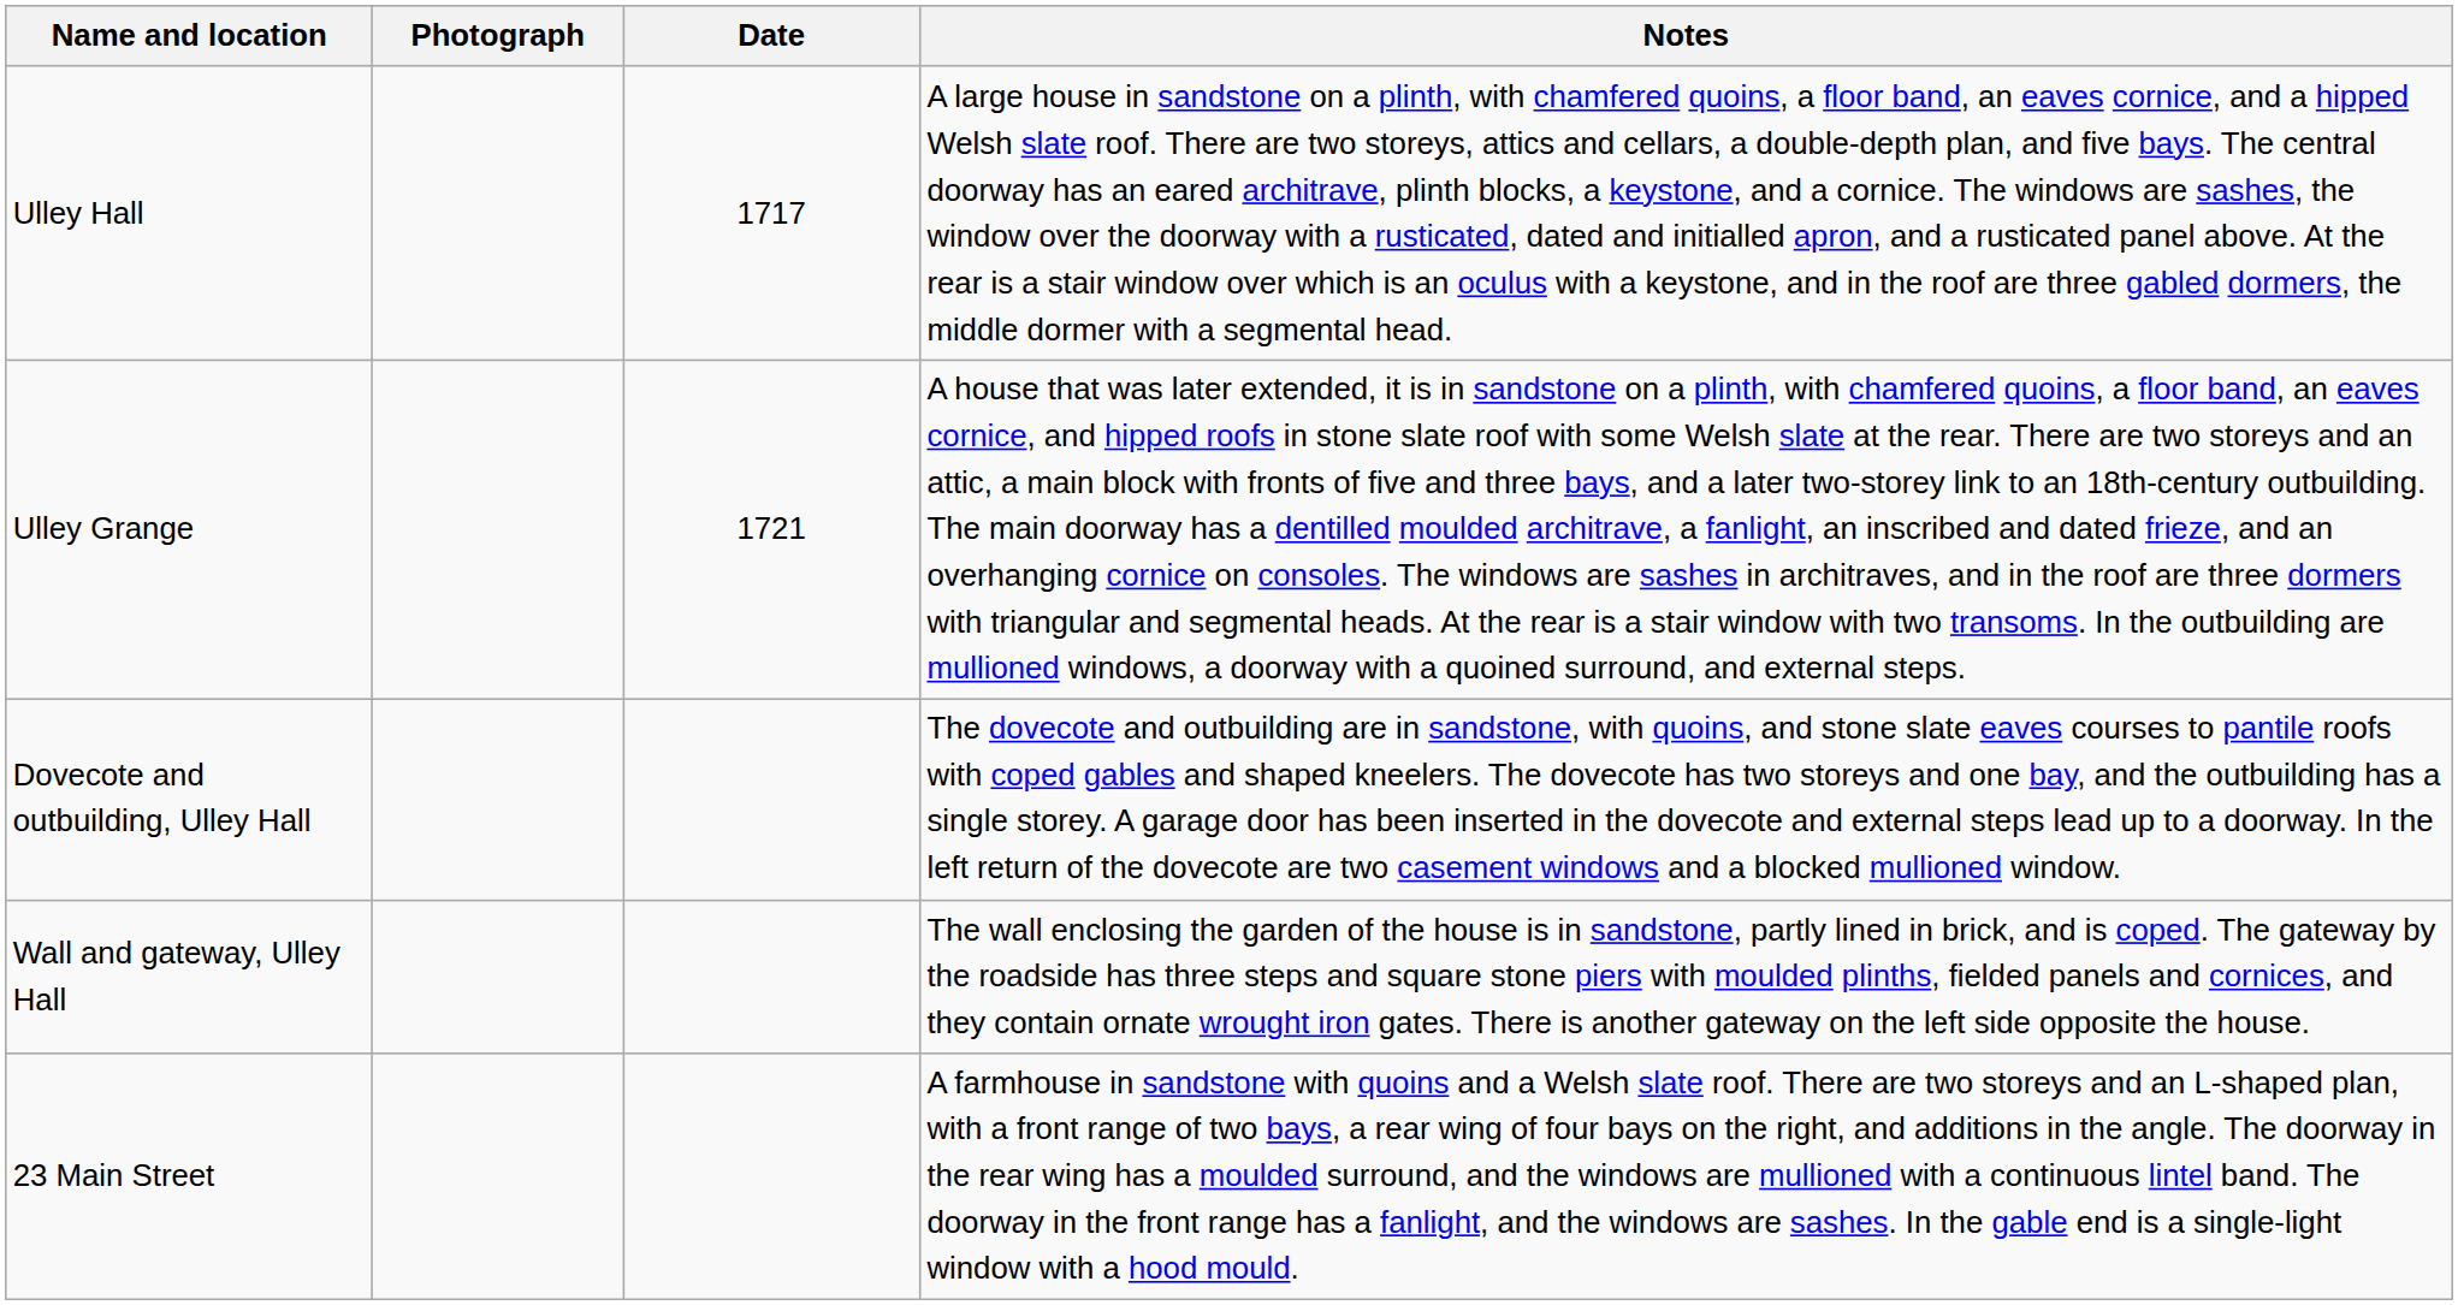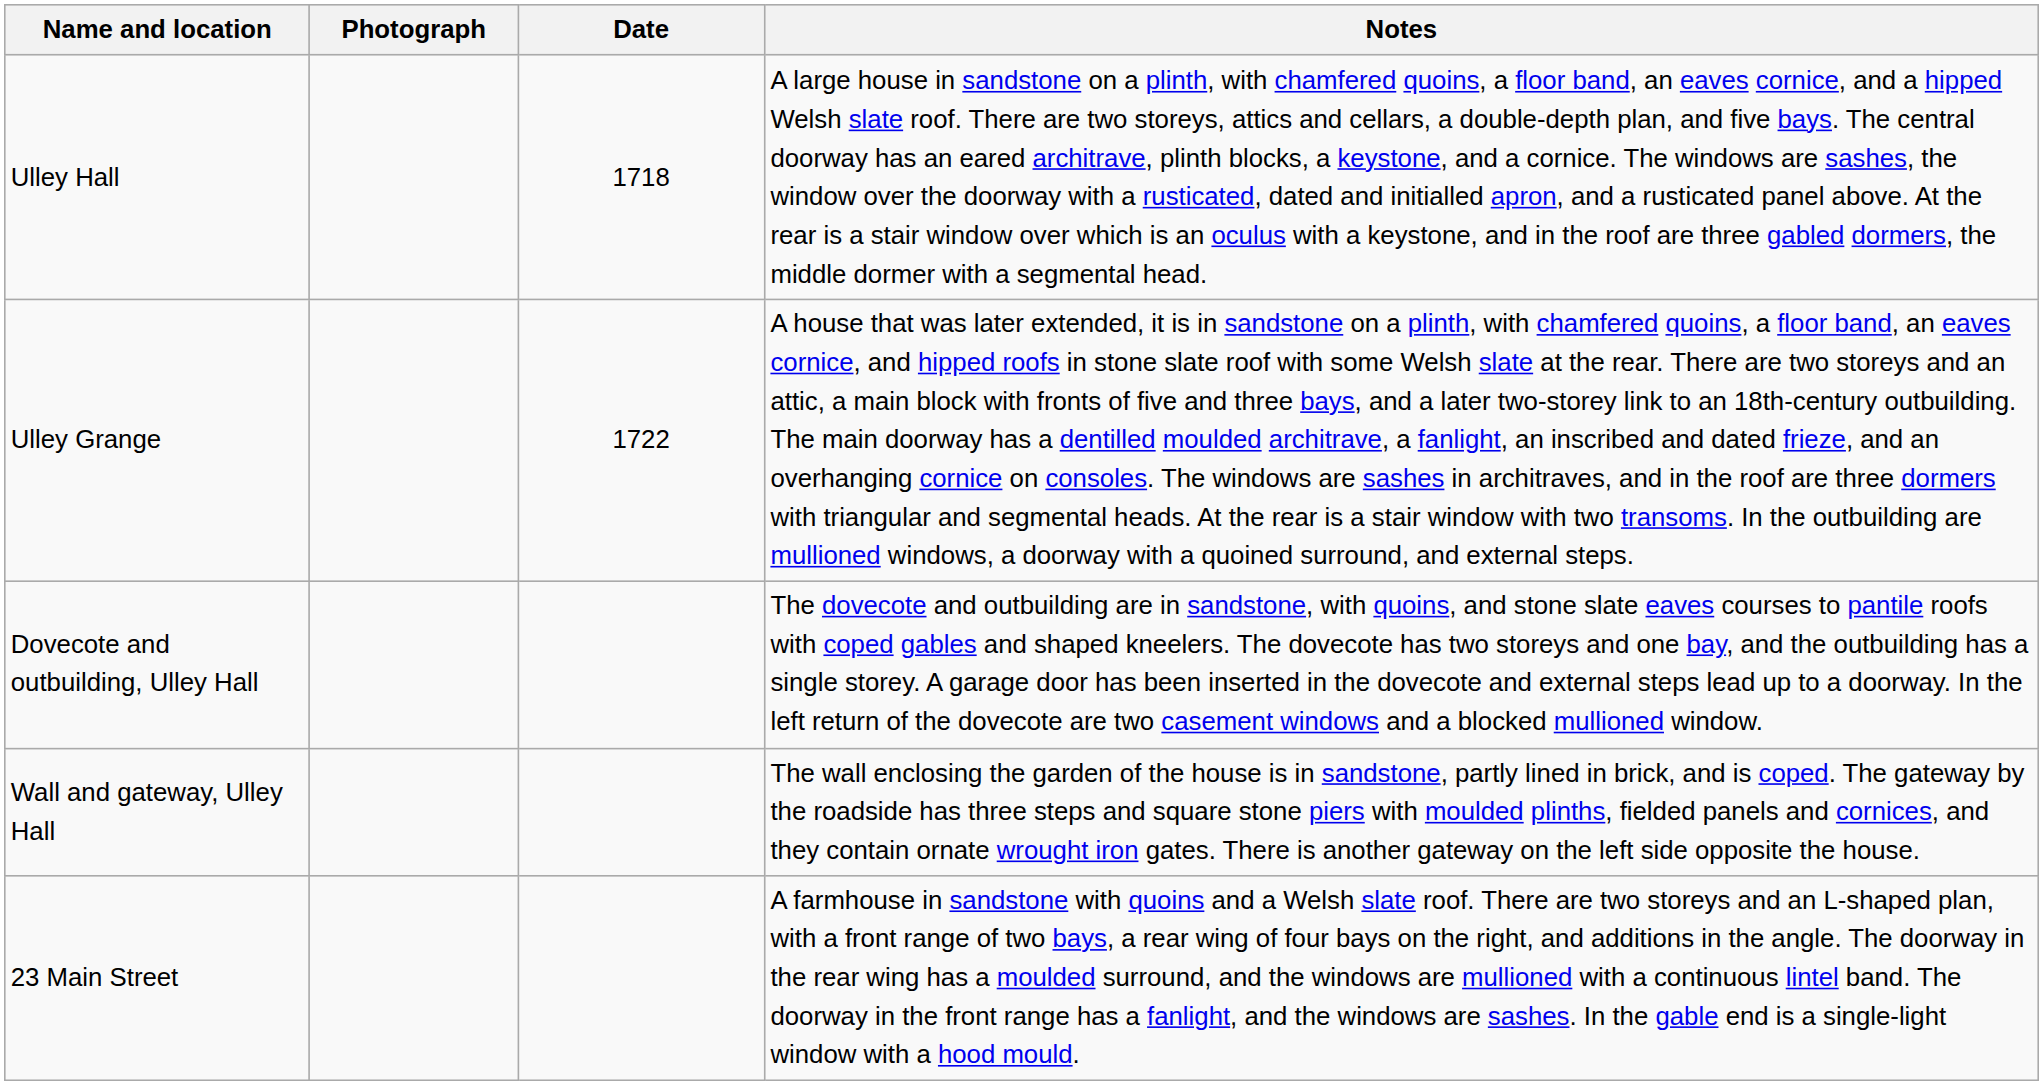 <table class="wikitable sortable plainrowheaders" style="width:100%;border:0px;text-align:left;line-height:150%;">
 <tr>
 <th scope="col"  style="width:150px">Name and location</th>
 <th scope="col"  style="width:100px" class="unsortable">Photograph</th>
 <th scope="col"  style="width:120px">Date</th>
 <th scope="col"  style="width:650px" class="unsortable">Notes</th>
 </tr>
 <tr>
 <td>Ulley Hall<br><small></small></td>
 <td></td>
-<td align="center">1717</td>
+<td align="center">1718</td>
 <td>A large house in <a href='#'>sandstone</a> on a <a href='#'>plinth</a>, with <a href='#'>chamfered</a> <a href='#'>quoins</a>, a <a href='#'>floor band</a>, an <a href='#'>eaves</a> <a href='#'>cornice</a>, and a <a href='#'>hipped</a> Welsh <a href='#'>slate</a> roof.  There are two storeys, attics and cellars, a double-depth plan, and five <a href='#'>bays</a>.  The central doorway has an eared <a href='#'>architrave</a>, plinth blocks, a <a href='#'>keystone</a>, and a cornice.  The windows are <a href='#'>sashes</a>, the window over the doorway with a <a href='#'>rusticated</a>, dated and initialled <a href='#'>apron</a>, and a rusticated panel above.  At the rear is a stair window over which is an <a href='#'>oculus</a> with a keystone, and in the roof are three <a href='#'>gabled</a> <a href='#'>dormers</a>, the middle dormer with a segmental head.</td>
 </tr>
 <tr>
 <td>Ulley Grange<br><small></small></td>
 <td></td>
-<td align="center">1721</td>
+<td align="center">1722</td>
 <td>A house that was later extended, it is in <a href='#'>sandstone</a> on a <a href='#'>plinth</a>, with <a href='#'>chamfered</a> <a href='#'>quoins</a>, a <a href='#'>floor band</a>, an <a href='#'>eaves</a> <a href='#'>cornice</a>, and <a href='#'>hipped roofs</a> in stone slate roof with some Welsh <a href='#'>slate</a> at the rear.  There are two storeys and an attic, a main block with fronts of five and three <a href='#'>bays</a>, and a later two-storey link to an 18th-century outbuilding.  The main doorway has a <a href='#'>dentilled</a> <a href='#'>moulded</a> <a href='#'>architrave</a>, a <a href='#'>fanlight</a>, an inscribed and dated <a href='#'>frieze</a>, and an overhanging <a href='#'>cornice</a> on <a href='#'>consoles</a>.  The windows are <a href='#'>sashes</a> in architraves, and in the roof are three <a href='#'>dormers</a> with triangular and segmental heads.  At the rear is a stair window with two <a href='#'>transoms</a>.  In the outbuilding are <a href='#'>mullioned</a> windows, a doorway with a quoined surround, and external steps.</td>
 </tr>
 <tr>
 <td>Dovecote and outbuilding, Ulley Hall<br><small></small></td>
 <td></td>
 <td align="center"></td>
 <td>The <a href='#'>dovecote</a> and outbuilding are in <a href='#'>sandstone</a>, with <a href='#'>quoins</a>, and stone slate <a href='#'>eaves</a> courses to <a href='#'>pantile</a> roofs with <a href='#'>coped</a> <a href='#'>gables</a> and shaped kneelers.  The dovecote has two storeys and one <a href='#'>bay</a>, and the outbuilding has a single storey.  A garage door has been inserted in the dovecote and external steps lead up to a doorway.  In the left return of the dovecote are two <a href='#'>casement windows</a> and a blocked <a href='#'>mullioned</a> window.</td>
 </tr>
 <tr>
 <td>Wall and gateway, Ulley Hall<br><small></small></td>
 <td></td>
 <td align="center"></td>
 <td>The wall enclosing the garden of the house is in <a href='#'>sandstone</a>, partly lined in brick, and is <a href='#'>coped</a>.  The gateway by the roadside has three steps and square stone <a href='#'>piers</a> with <a href='#'>moulded</a> <a href='#'>plinths</a>, fielded panels and <a href='#'>cornices</a>, and they contain ornate <a href='#'>wrought iron</a> gates.  There is another gateway on the left side opposite the house.</td>
 </tr>
 <tr>
 <td>23 Main Street<br><small></small></td>
 <td></td>
 <td align="center"></td>
 <td>A farmhouse in <a href='#'>sandstone</a> with <a href='#'>quoins</a> and a Welsh <a href='#'>slate</a> roof.  There are two storeys and an L-shaped plan, with a front range of two <a href='#'>bays</a>, a rear wing of four bays on the right, and additions in the angle.  The doorway in the rear wing has a <a href='#'>moulded</a> surround, and the windows are <a href='#'>mullioned</a> with a continuous <a href='#'>lintel</a> band.  The doorway in the front range has a <a href='#'>fanlight</a>, and the windows are <a href='#'>sashes</a>.  In the <a href='#'>gable</a> end is a single-light window with a <a href='#'>hood mould</a>.</td>
 </tr>
 <tr>
 </tr>
 </table>
